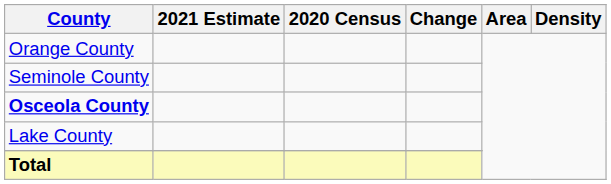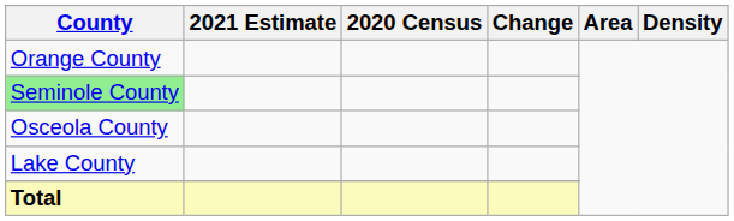 <table class="wikitable sortable">
 <tr>
 <th><a href='#'>County</a></th>
 <th>2021 Estimate</th>
 <th>2020 Census</th>
 <th>Change</th>
 <th>Area</th>
 <th>Density</th>
 </tr>
 <tr>
 <td><a href='#'>Orange County</a></td>
 <td></td>
 <td></td>
 <td></td>
 </tr>
 <tr>
-<td><a href='#'>Seminole County</a></td>
+<td style="background: lightgreen;"><a href='#'>Seminole County</a></td>
 <td></td>
 <td></td>
 <td></td>
 </tr>
 <tr>
-<td><strong><a href='#'>Osceola County</a></strong></td>
+<td><a href='#'>Osceola County</a></td>
 <td></td>
 <td></td>
 <td></td>
 </tr>
 <tr>
 <td><a href='#'>Lake County</a></td>
 <td></td>
 <td></td>
 <td></td>
 </tr>
 <tr>
 </tr>
 <tr class=sortbottom style="background:#fbfbbb">
 <td><strong>Total</strong></td>
 <td></td>
 <td></td>
 <td></td>
 </tr>
 </table>
